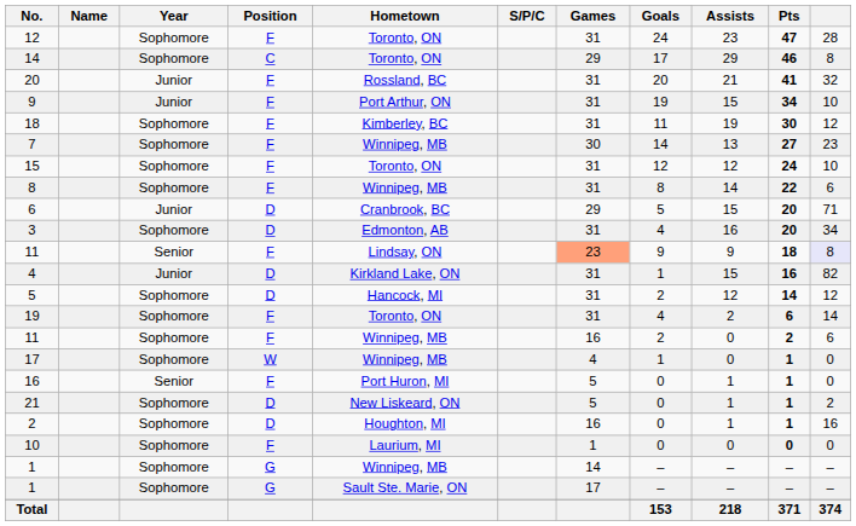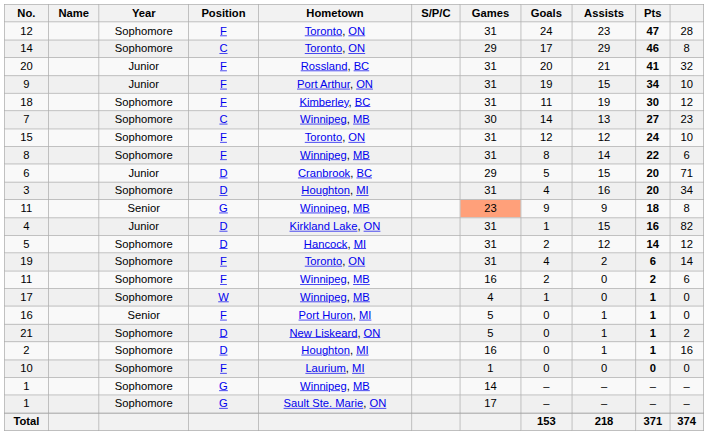 <table class="wikitable sortable" width ="1000">
 <tr align="center">
 <th><strong>No.</strong></th>
 <th><strong>Name</strong></th>
 <th><strong>Year</strong></th>
 <th><strong>Position</strong></th>
 <th><strong>Hometown</strong></th>
 <th><strong>S/P/C</strong></th>
 <th><strong>Games</strong></th>
 <th><strong>Goals</strong></th>
 <th><strong>Assists</strong></th>
 <th><strong>Pts</strong></th>
 <th><strong><a href='#'></a></strong></th>
 </tr>
 <tr align="center" bgcolor="">
 <td>12</td>
 <td></td>
 <td>Sophomore</td>
 <td><a href='#'>F</a></td>
 <td><a href='#'>Toronto</a>, <a href='#'>ON</a></td>
 <td></td>
 <td>31</td>
 <td>24</td>
 <td>23</td>
 <td><strong>47</strong></td>
 <td>28</td>
 </tr>
 <tr align="center" bgcolor="#f0f0f0">
 <td>14</td>
 <td></td>
 <td>Sophomore</td>
 <td><a href='#'>C</a></td>
 <td><a href='#'>Toronto</a>, <a href='#'>ON</a></td>
 <td></td>
 <td>29</td>
 <td>17</td>
 <td>29</td>
 <td><strong>46</strong></td>
 <td>8</td>
 </tr>
 <tr align="center">
 <td>20</td>
 <td></td>
 <td>Junior</td>
 <td><a href='#'>F</a></td>
 <td><a href='#'>Rossland</a>, <a href='#'>BC</a></td>
 <td></td>
 <td>31</td>
 <td>20</td>
 <td>21</td>
 <td><strong>41</strong></td>
 <td>32</td>
 </tr>
 <tr align="center" bgcolor="#f0f0f0">
 <td>9</td>
 <td></td>
 <td>Junior</td>
 <td><a href='#'>F</a></td>
 <td><a href='#'>Port Arthur</a>, <a href='#'>ON</a></td>
 <td></td>
 <td>31</td>
 <td>19</td>
 <td>15</td>
 <td><strong>34</strong></td>
 <td>10</td>
 </tr>
 <tr align="center">
 <td>18</td>
 <td></td>
 <td>Sophomore</td>
 <td><a href='#'>F</a></td>
 <td><a href='#'>Kimberley</a>, <a href='#'>BC</a></td>
 <td></td>
 <td>31</td>
 <td>11</td>
 <td>19</td>
 <td><strong>30</strong></td>
 <td>12</td>
 </tr>
 <tr align="center" bgcolor="#f0f0f0">
 <td>7</td>
 <td></td>
 <td>Sophomore</td>
-<td><a href='#'>F</a></td>
+<td><a href='#'>C</a></td>
 <td><a href='#'>Winnipeg</a>, <a href='#'>MB</a></td>
 <td></td>
 <td>30</td>
 <td>14</td>
 <td>13</td>
 <td><strong>27</strong></td>
 <td>23</td>
 </tr>
 <tr align="center">
 <td>15</td>
 <td></td>
 <td>Sophomore</td>
 <td><a href='#'>F</a></td>
 <td><a href='#'>Toronto</a>, <a href='#'>ON</a></td>
 <td></td>
 <td>31</td>
 <td>12</td>
 <td>12</td>
 <td><strong>24</strong></td>
 <td>10</td>
 </tr>
 <tr align="center" bgcolor="#f0f0f0">
 <td>8</td>
 <td></td>
 <td>Sophomore</td>
 <td><a href='#'>F</a></td>
 <td><a href='#'>Winnipeg</a>, <a href='#'>MB</a></td>
 <td></td>
 <td>31</td>
 <td>8</td>
 <td>14</td>
 <td><strong>22</strong></td>
 <td>6</td>
 </tr>
 <tr align="center">
 <td>6</td>
 <td></td>
 <td>Junior</td>
 <td><a href='#'>D</a></td>
 <td><a href='#'>Cranbrook</a>, <a href='#'>BC</a></td>
 <td></td>
 <td>29</td>
 <td>5</td>
 <td>15</td>
 <td><strong>20</strong></td>
 <td>71</td>
 </tr>
 <tr align="center" bgcolor="#f0f0f0">
 <td>3</td>
 <td></td>
 <td>Sophomore</td>
 <td><a href='#'>D</a></td>
-<td><a href='#'>Edmonton</a>, <a href='#'>AB</a></td>
+<td><a href='#'>Houghton</a>, <a href='#'>MI</a></td>
 <td></td>
 <td>31</td>
 <td>4</td>
 <td>16</td>
 <td><strong>20</strong></td>
 <td>34</td>
 </tr>
 <tr align="center">
 <td>11</td>
 <td></td>
 <td>Senior</td>
-<td><a href='#'>F</a></td>
-<td><a href='#'>Lindsay</a>, <a href='#'>ON</a></td>
+<td><a href='#'>G</a></td>
+<td><a href='#'>Winnipeg</a>, <a href='#'>MB</a></td>
 <td></td>
 <td style="background: lightsalmon;">23</td>
 <td>9</td>
 <td>9</td>
 <td><strong>18</strong></td>
-<td style="background: lavender;">8</td>
+<td>8</td>
 </tr>
 <tr align="center" bgcolor="#f0f0f0">
 <td>4</td>
 <td></td>
 <td>Junior</td>
 <td><a href='#'>D</a></td>
 <td><a href='#'>Kirkland Lake</a>, <a href='#'>ON</a></td>
 <td></td>
 <td>31</td>
 <td>1</td>
 <td>15</td>
 <td><strong>16</strong></td>
 <td>82</td>
 </tr>
 <tr align="center">
 <td>5</td>
 <td></td>
 <td>Sophomore</td>
 <td><a href='#'>D</a></td>
 <td><a href='#'>Hancock</a>, <a href='#'>MI</a></td>
 <td></td>
 <td>31</td>
 <td>2</td>
 <td>12</td>
 <td><strong>14</strong></td>
 <td>12</td>
 </tr>
 <tr align="center" bgcolor="#f0f0f0">
 <td>19</td>
 <td></td>
 <td>Sophomore</td>
 <td><a href='#'>F</a></td>
 <td><a href='#'>Toronto</a>, <a href='#'>ON</a></td>
 <td></td>
 <td>31</td>
 <td>4</td>
 <td>2</td>
 <td><strong>6</strong></td>
 <td>14</td>
 </tr>
 <tr align="center">
 <td>11</td>
 <td></td>
 <td>Sophomore</td>
 <td><a href='#'>F</a></td>
 <td><a href='#'>Winnipeg</a>, <a href='#'>MB</a></td>
 <td></td>
 <td>16</td>
 <td>2</td>
 <td>0</td>
 <td><strong>2</strong></td>
 <td>6</td>
 </tr>
 <tr align="center" bgcolor="#f0f0f0">
 <td>17</td>
 <td></td>
 <td>Sophomore</td>
 <td><a href='#'>W</a></td>
 <td><a href='#'>Winnipeg</a>, <a href='#'>MB</a></td>
 <td></td>
 <td>4</td>
 <td>1</td>
 <td>0</td>
 <td><strong>1</strong></td>
 <td>0</td>
 </tr>
 <tr align="center">
 <td>16</td>
 <td></td>
 <td>Senior</td>
 <td><a href='#'>F</a></td>
 <td><a href='#'>Port Huron</a>, <a href='#'>MI</a></td>
 <td></td>
 <td>5</td>
 <td>0</td>
 <td>1</td>
 <td><strong>1</strong></td>
 <td>0</td>
 </tr>
 <tr align="center" bgcolor="#f0f0f0">
 <td>21</td>
 <td></td>
 <td>Sophomore</td>
 <td><a href='#'>D</a></td>
 <td><a href='#'>New Liskeard</a>, <a href='#'>ON</a></td>
 <td></td>
 <td>5</td>
 <td>0</td>
 <td>1</td>
 <td><strong>1</strong></td>
 <td>2</td>
 </tr>
 <tr align="center">
 <td>2</td>
 <td></td>
 <td>Sophomore</td>
 <td><a href='#'>D</a></td>
 <td><a href='#'>Houghton</a>, <a href='#'>MI</a></td>
 <td></td>
 <td>16</td>
 <td>0</td>
 <td>1</td>
 <td><strong>1</strong></td>
 <td>16</td>
 </tr>
 <tr align="center" bgcolor="#f0f0f0">
 <td>10</td>
 <td></td>
 <td>Sophomore</td>
 <td><a href='#'>F</a></td>
 <td><a href='#'>Laurium</a>, <a href='#'>MI</a></td>
 <td></td>
 <td>1</td>
 <td>0</td>
 <td>0</td>
 <td><strong>0</strong></td>
 <td>0</td>
 </tr>
 <tr align="center">
 <td>1</td>
 <td></td>
 <td>Sophomore</td>
 <td><a href='#'>G</a></td>
 <td><a href='#'>Winnipeg</a>, <a href='#'>MB</a></td>
 <td></td>
 <td>14</td>
 <td>–</td>
 <td>–</td>
 <td>–</td>
 <td>–</td>
 </tr>
 <tr align="center" bgcolor="#f0f0f0">
 <td>1</td>
 <td></td>
 <td>Sophomore</td>
 <td><a href='#'>G</a></td>
 <td><a href='#'>Sault Ste. Marie</a>, <a href='#'>ON</a></td>
 <td></td>
 <td>17</td>
 <td>–</td>
 <td>–</td>
 <td>–</td>
 <td>–</td>
 </tr>
 <tr align="center">
 </tr>
 <tr>
 <th>Total</th>
 <th></th>
 <th></th>
 <th></th>
 <th></th>
 <th></th>
 <th></th>
 <th>153</th>
 <th>218</th>
 <th>371</th>
 <th>374</th>
 </tr>
 </table>
